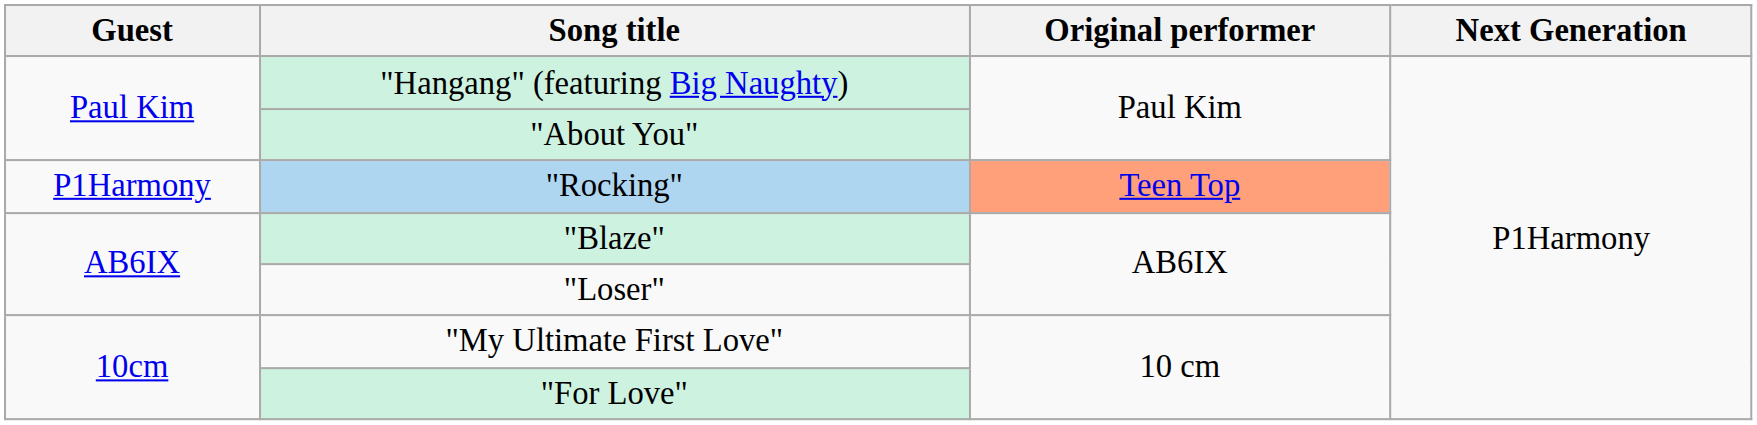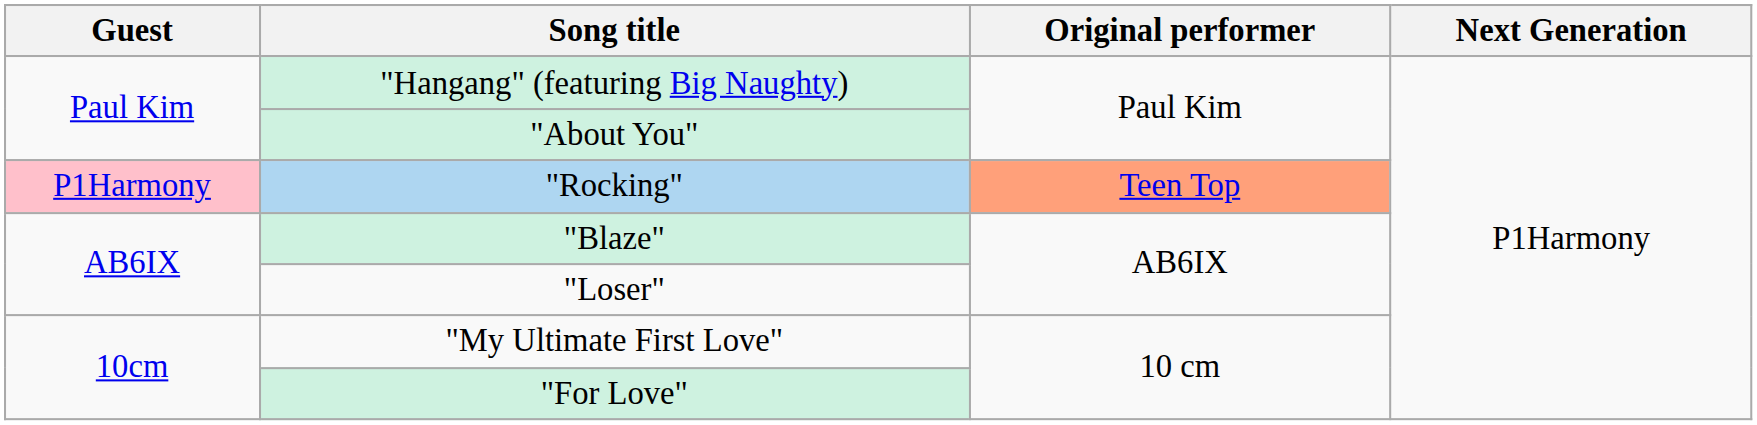 <table Class ="wikitable" style="text-align:center; clear:both; text-align:center; width:97%">
 <tr>
 <th>Guest</th>
 <th>Song title</th>
 <th>Original performer</th>
 <th>Next Generation</th>
 </tr>
 <tr>
 <td rowspan="2"><a href='#'>Paul Kim</a></td>
 <td bgcolor="#CEF2E0">"Hangang" (featuring <a href='#'>Big Naughty</a>)</td>
 <td rowspan="2">Paul Kim</td>
 <td rowspan="7">P1Harmony</td>
 </tr>
 <tr>
 <td bgcolor="#CEF2E0">"About You"</td>
 </tr>
 <tr>
-<td><a href='#'>P1Harmony</a></td>
+<td style="background: pink;"><a href='#'>P1Harmony</a></td>
 <td bgcolor="#aed6f1">"Rocking"</td>
 <td style="background: lightsalmon;"><a href='#'>Teen Top</a></td>
 </tr>
 <tr>
 <td rowspan="2"><a href='#'>AB6IX</a></td>
 <td bgcolor="#CEF2E0">"Blaze"</td>
 <td rowspan="2">AB6IX</td>
 </tr>
 <tr>
 <td>"Loser"</td>
 </tr>
 <tr>
 <td rowspan="2"><a href='#'>10cm</a></td>
 <td>"My Ultimate First Love"</td>
 <td rowspan="2">10 cm</td>
 </tr>
 <tr>
 <td bgcolor="#CEF2E0">"For Love"</td>
 </tr>
 </table>
